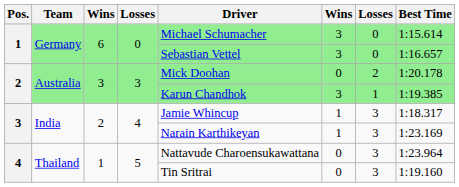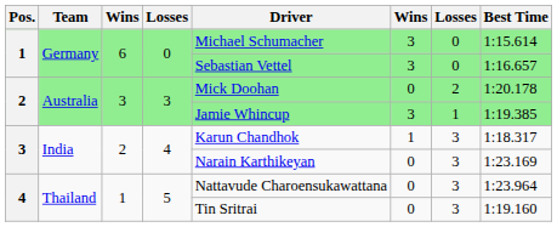 <table class="wikitable">
 <tr>
 <th>Pos.</th>
 <th>Team</th>
 <th>Wins</th>
 <th>Losses</th>
 <th>Driver</th>
 <th>Wins</th>
 <th>Losses</th>
 <th>Best Time</th>
 </tr>
 <tr style="background:lightgreen;">
 <th rowspan=2>1</th>
 <td rowspan=2> <a href='#'>Germany</a></td>
 <td rowspan="2" style="text-align:center;">6</td>
 <td rowspan="2" style="text-align:center;">0</td>
 <td> <a href='#'>Michael Schumacher</a></td>
 <td align=center>3</td>
 <td align=center>0</td>
 <td>1:15.614</td>
 </tr>
 <tr style="background:lightgreen;">
 <td> <a href='#'>Sebastian Vettel</a></td>
 <td align=center>3</td>
 <td align=center>0</td>
 <td>1:16.657</td>
 </tr>
 <tr style="background:lightgreen;">
 <th rowspan=2>2</th>
 <td rowspan=2> <a href='#'>Australia</a></td>
 <td rowspan="2" style="text-align:center;">3</td>
 <td rowspan="2" style="text-align:center;">3</td>
 <td> <a href='#'>Mick Doohan</a></td>
 <td align=center>0</td>
 <td align=center>2</td>
 <td>1:20.178</td>
 </tr>
 <tr style="background:lightgreen;">
-<td> <a href='#'>Karun Chandhok</a></td>
+<td> <a href='#'>Jamie Whincup</a></td>
 <td align=center>3</td>
 <td align=center>1</td>
 <td>1:19.385</td>
 </tr>
 <tr>
 <th rowspan=2>3</th>
 <td rowspan=2> <a href='#'>India</a></td>
 <td rowspan="2" style="text-align:center;">2</td>
 <td rowspan="2" style="text-align:center;">4</td>
-<td> <a href='#'>Jamie Whincup</a></td>
+<td> <a href='#'>Karun Chandhok</a></td>
 <td align=center>1</td>
 <td align=center>3</td>
 <td>1:18.317</td>
 </tr>
 <tr>
 <td> <a href='#'>Narain Karthikeyan</a></td>
-<td align=center>1</td>
+<td align=center>0</td>
 <td align=center>3</td>
 <td>1:23.169</td>
 </tr>
 <tr>
 <th rowspan=2>4</th>
 <td rowspan=2> <a href='#'>Thailand</a></td>
 <td rowspan="2" style="text-align:center;">1</td>
 <td rowspan="2" style="text-align:center;">5</td>
 <td> Nattavude Charoensukawattana</td>
 <td align=center>0</td>
 <td align=center>3</td>
 <td>1:23.964</td>
 </tr>
 <tr>
 <td> Tin Sritrai</td>
 <td align=center>0</td>
 <td align=center>3</td>
 <td>1:19.160</td>
 </tr>
 </table>
